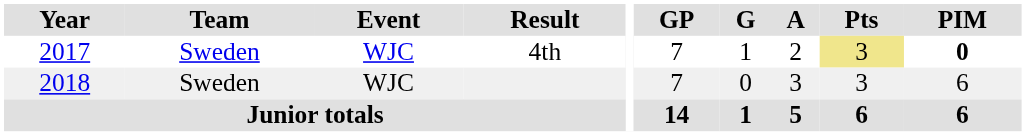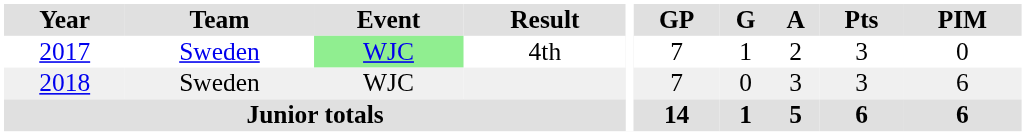 <table border="0" cellpadding="1" cellspacing="0" ID="Table3" style="text-align:center; width:40em">
 <tr ALIGN="center" bgcolor="#e0e0e0">
 <th>Year</th>
 <th>Team</th>
 <th>Event</th>
 <th>Result</th>
 <th rowspan="99" bgcolor="#ffffff"></th>
 <th>GP</th>
 <th>G</th>
 <th>A</th>
 <th>Pts</th>
 <th>PIM</th>
 </tr>
 <tr>
 <td><a href='#'>2017</a></td>
 <td><a href='#'>Sweden</a></td>
-<td><a href='#'>WJC</a></td>
+<td style="background: lightgreen;"><a href='#'>WJC</a></td>
 <td>4th</td>
 <td>7</td>
 <td>1</td>
 <td>2</td>
-<td style="background: khaki;">3</td>
-<td><strong>0</strong></td>
+<td>3</td>
+<td>0</td>
 </tr>
 <tr bgcolor="#f0f0f0">
 <td><a href='#'>2018</a></td>
 <td>Sweden</td>
 <td>WJC</td>
 <td></td>
 <td>7</td>
 <td>0</td>
 <td>3</td>
 <td>3</td>
 <td>6</td>
 </tr>
 <tr bgcolor="#e0e0e0">
 <th colspan="4">Junior totals</th>
 <th>14</th>
 <th>1</th>
 <th>5</th>
 <th>6</th>
 <th>6</th>
 </tr>
 </table>
